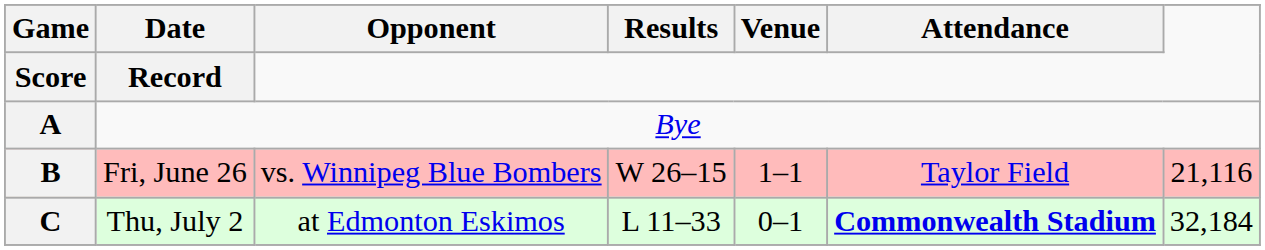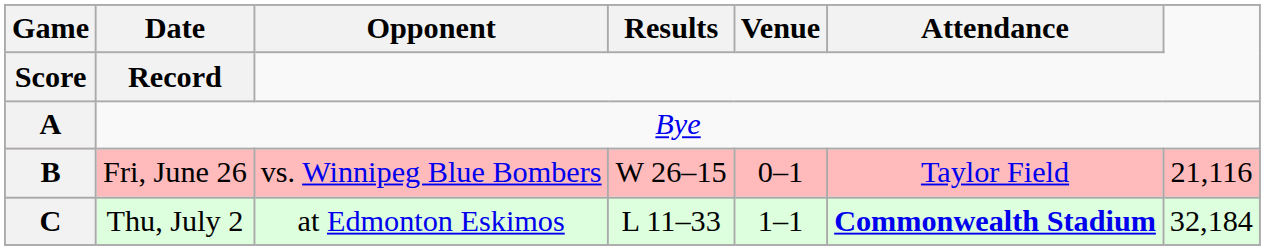 <table class="wikitable" style="text-align:center">
 <tr>
 <th>Game</th>
 <th>Date</th>
 <th>Opponent</th>
 <th>Results</th>
 <th>Venue</th>
 <th>Attendance</th>
 </tr>
 <tr>
 <th>Score</th>
 <th>Record</th>
 </tr>
 <tr>
 <th>A</th>
 <td colspan=7><em><a href='#'>Bye</a></em></td>
 </tr>
 <tr style="background:#ffbbbb">
 <th>B</th>
 <td>Fri, June 26</td>
 <td>vs. <a href='#'>Winnipeg Blue Bombers</a></td>
 <td>W 26–15</td>
-<td>1–1</td>
+<td>0–1</td>
 <td><a href='#'>Taylor Field</a></td>
 <td>21,116</td>
 </tr>
 <tr style="background:#ddffdd">
 <th>C</th>
 <td>Thu, July 2</td>
 <td>at <a href='#'>Edmonton Eskimos</a></td>
 <td>L 11–33</td>
-<td>0–1</td>
+<td>1–1</td>
 <td><strong><a href='#'>Commonwealth Stadium</a></strong></td>
 <td>32,184</td>
 </tr>
 </table>
